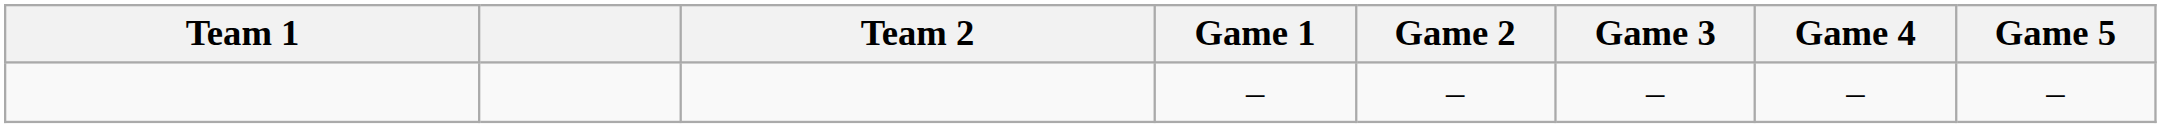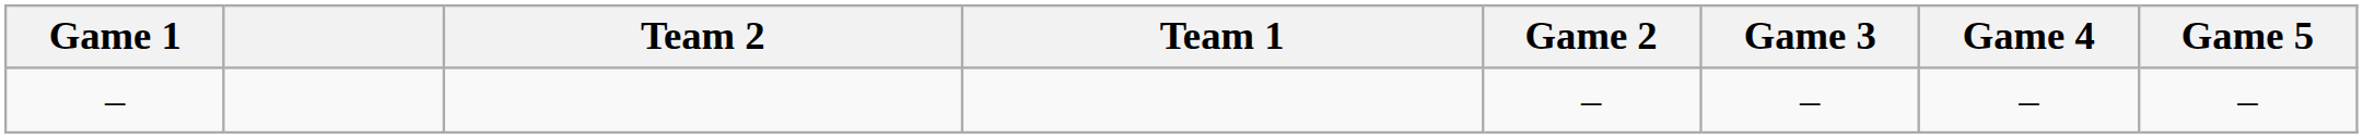 <table class=wikitable>
 <tr style="text-align:center;font-weight:bold">
-<th width=200>Team 1</th>
+<th width=80>Game 1</th>
 <th width=80></th>
 <th width=200>Team 2</th>
-<th width=80>Game 1</th>
+<th width=200>Team 1</th>
 <th width=80>Game 2</th>
 <th width=80>Game 3</th>
 <th width=80>Game 4</th>
 <th width=80>Game 5</th>
 </tr>
 <tr style="text-align:center">
-<td align=right></td>
+<td>–</td>
 <td></td>
 <td align="left"></td>
-<td>–</td>
+<td align=right></td>
 <td>–</td>
 <td>–</td>
 <td>–</td>
 <td>–</td>
 </tr>
 </table>
